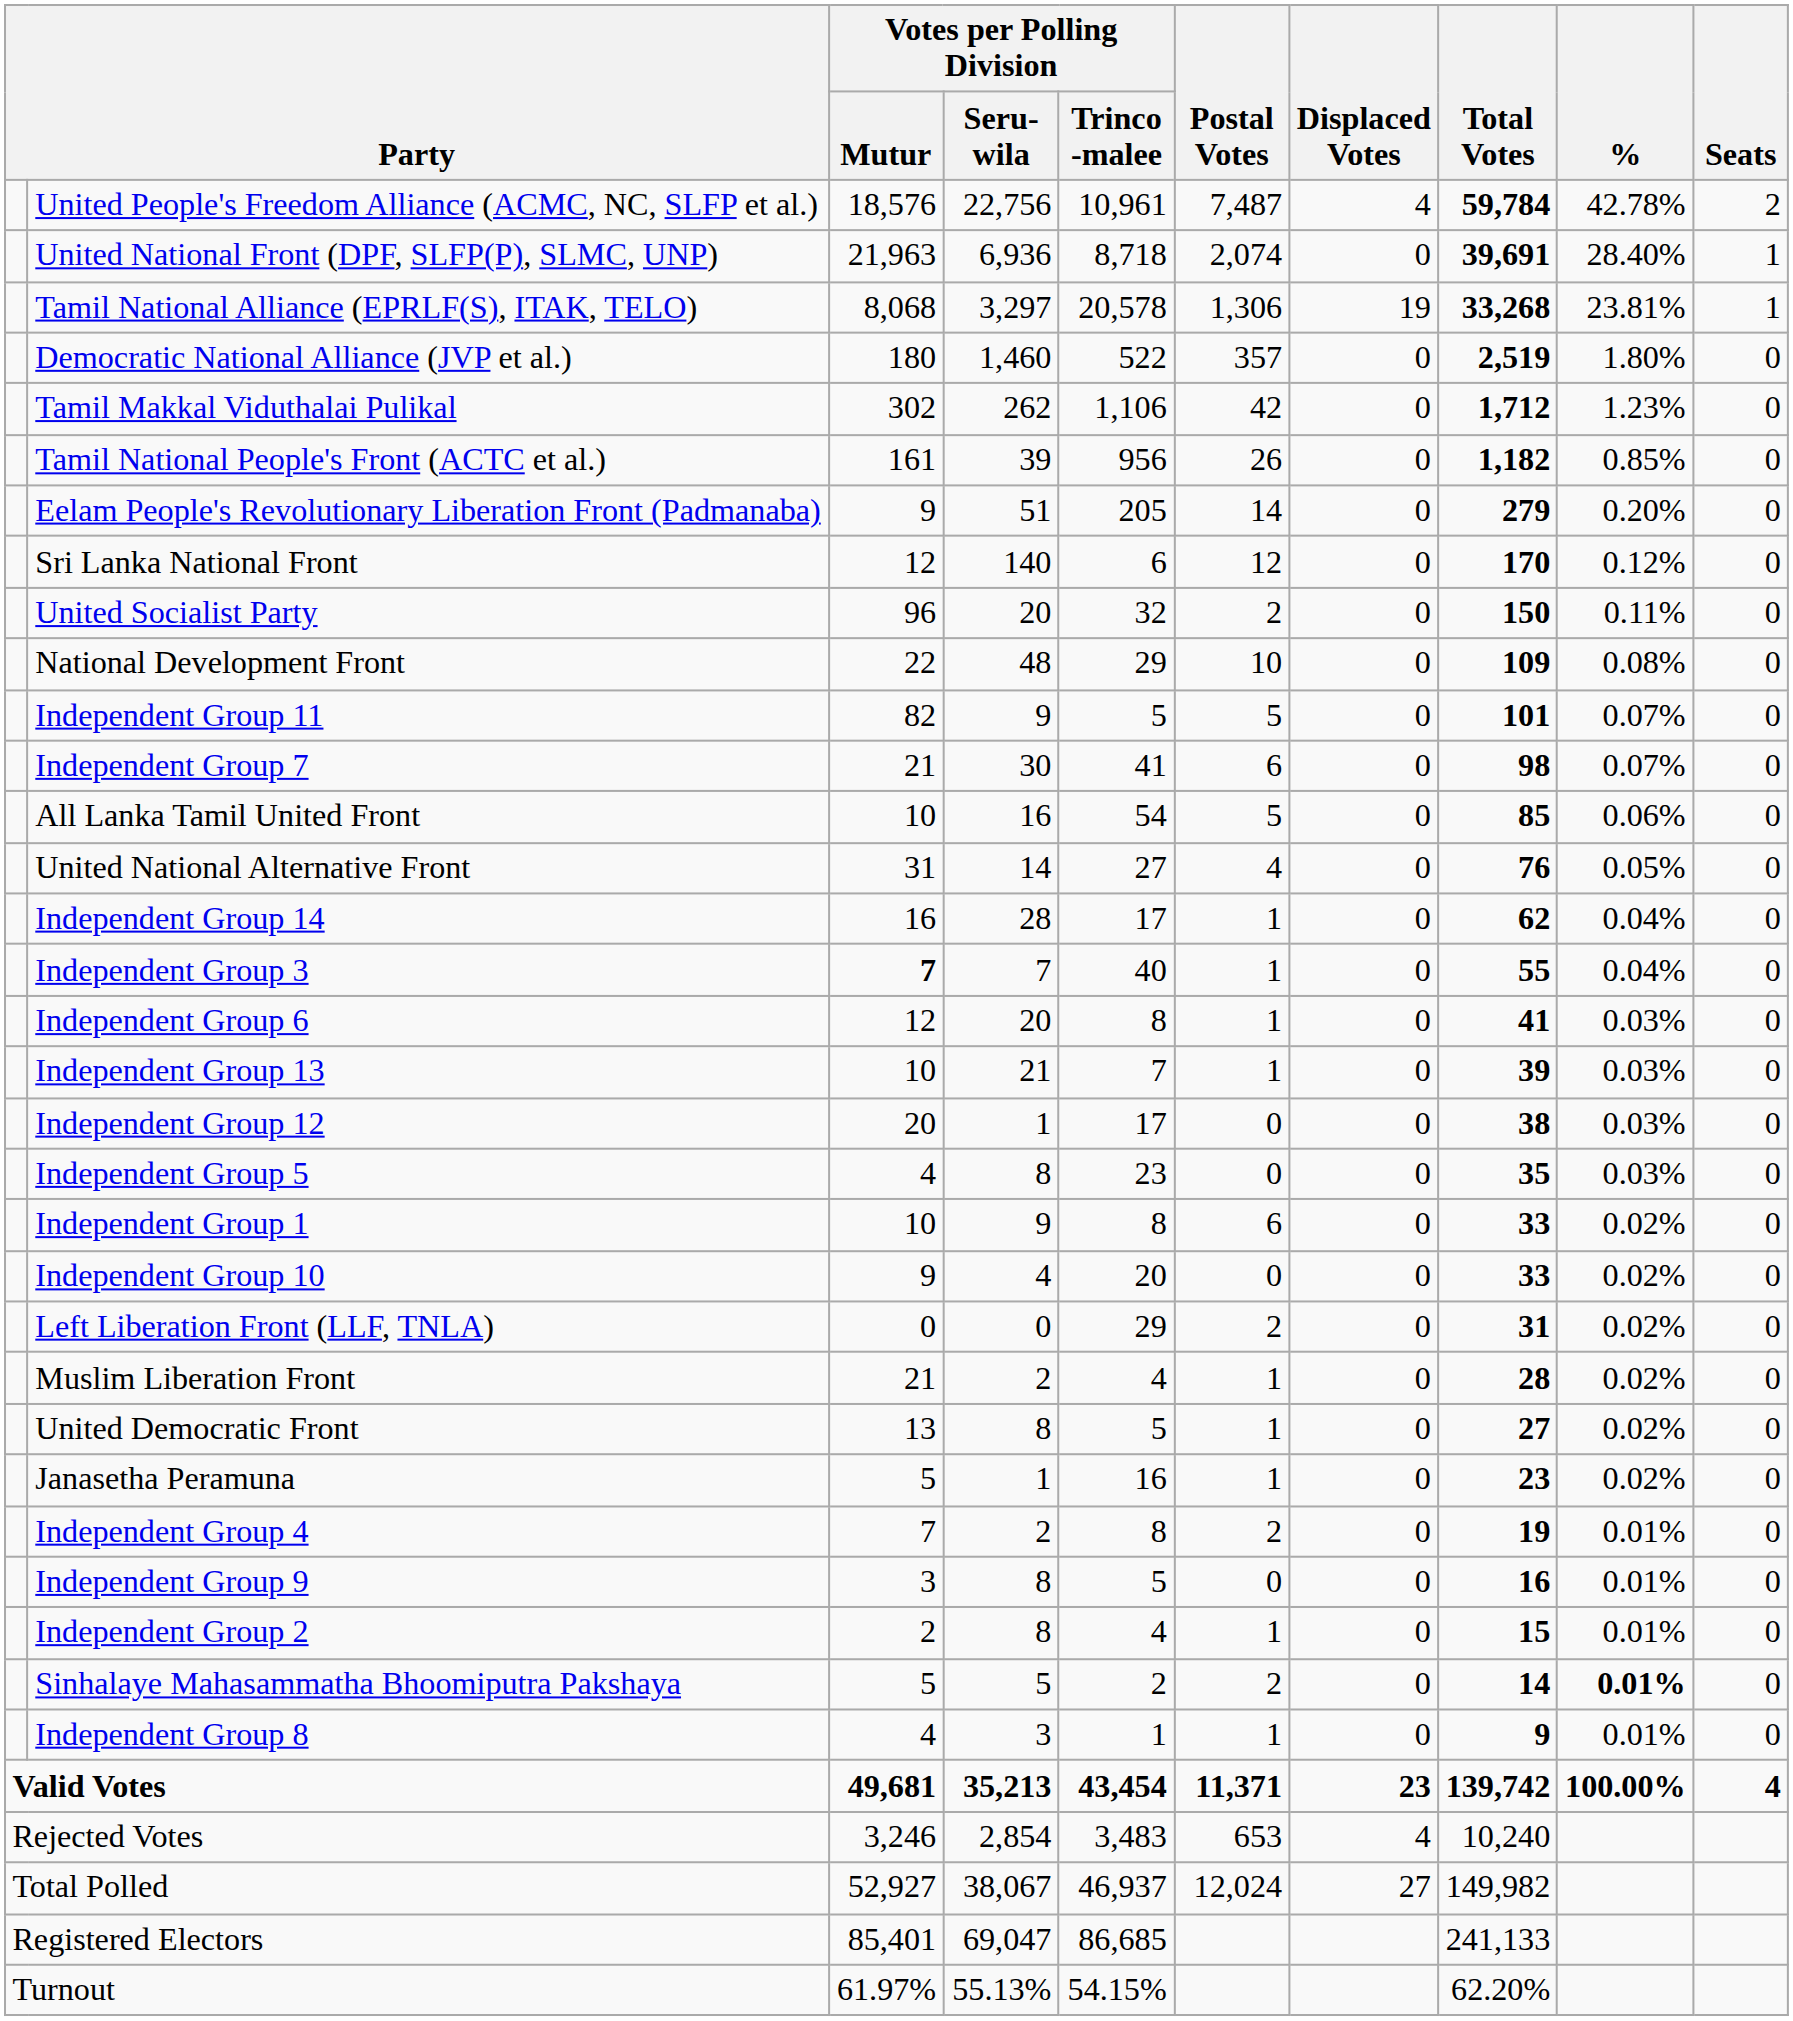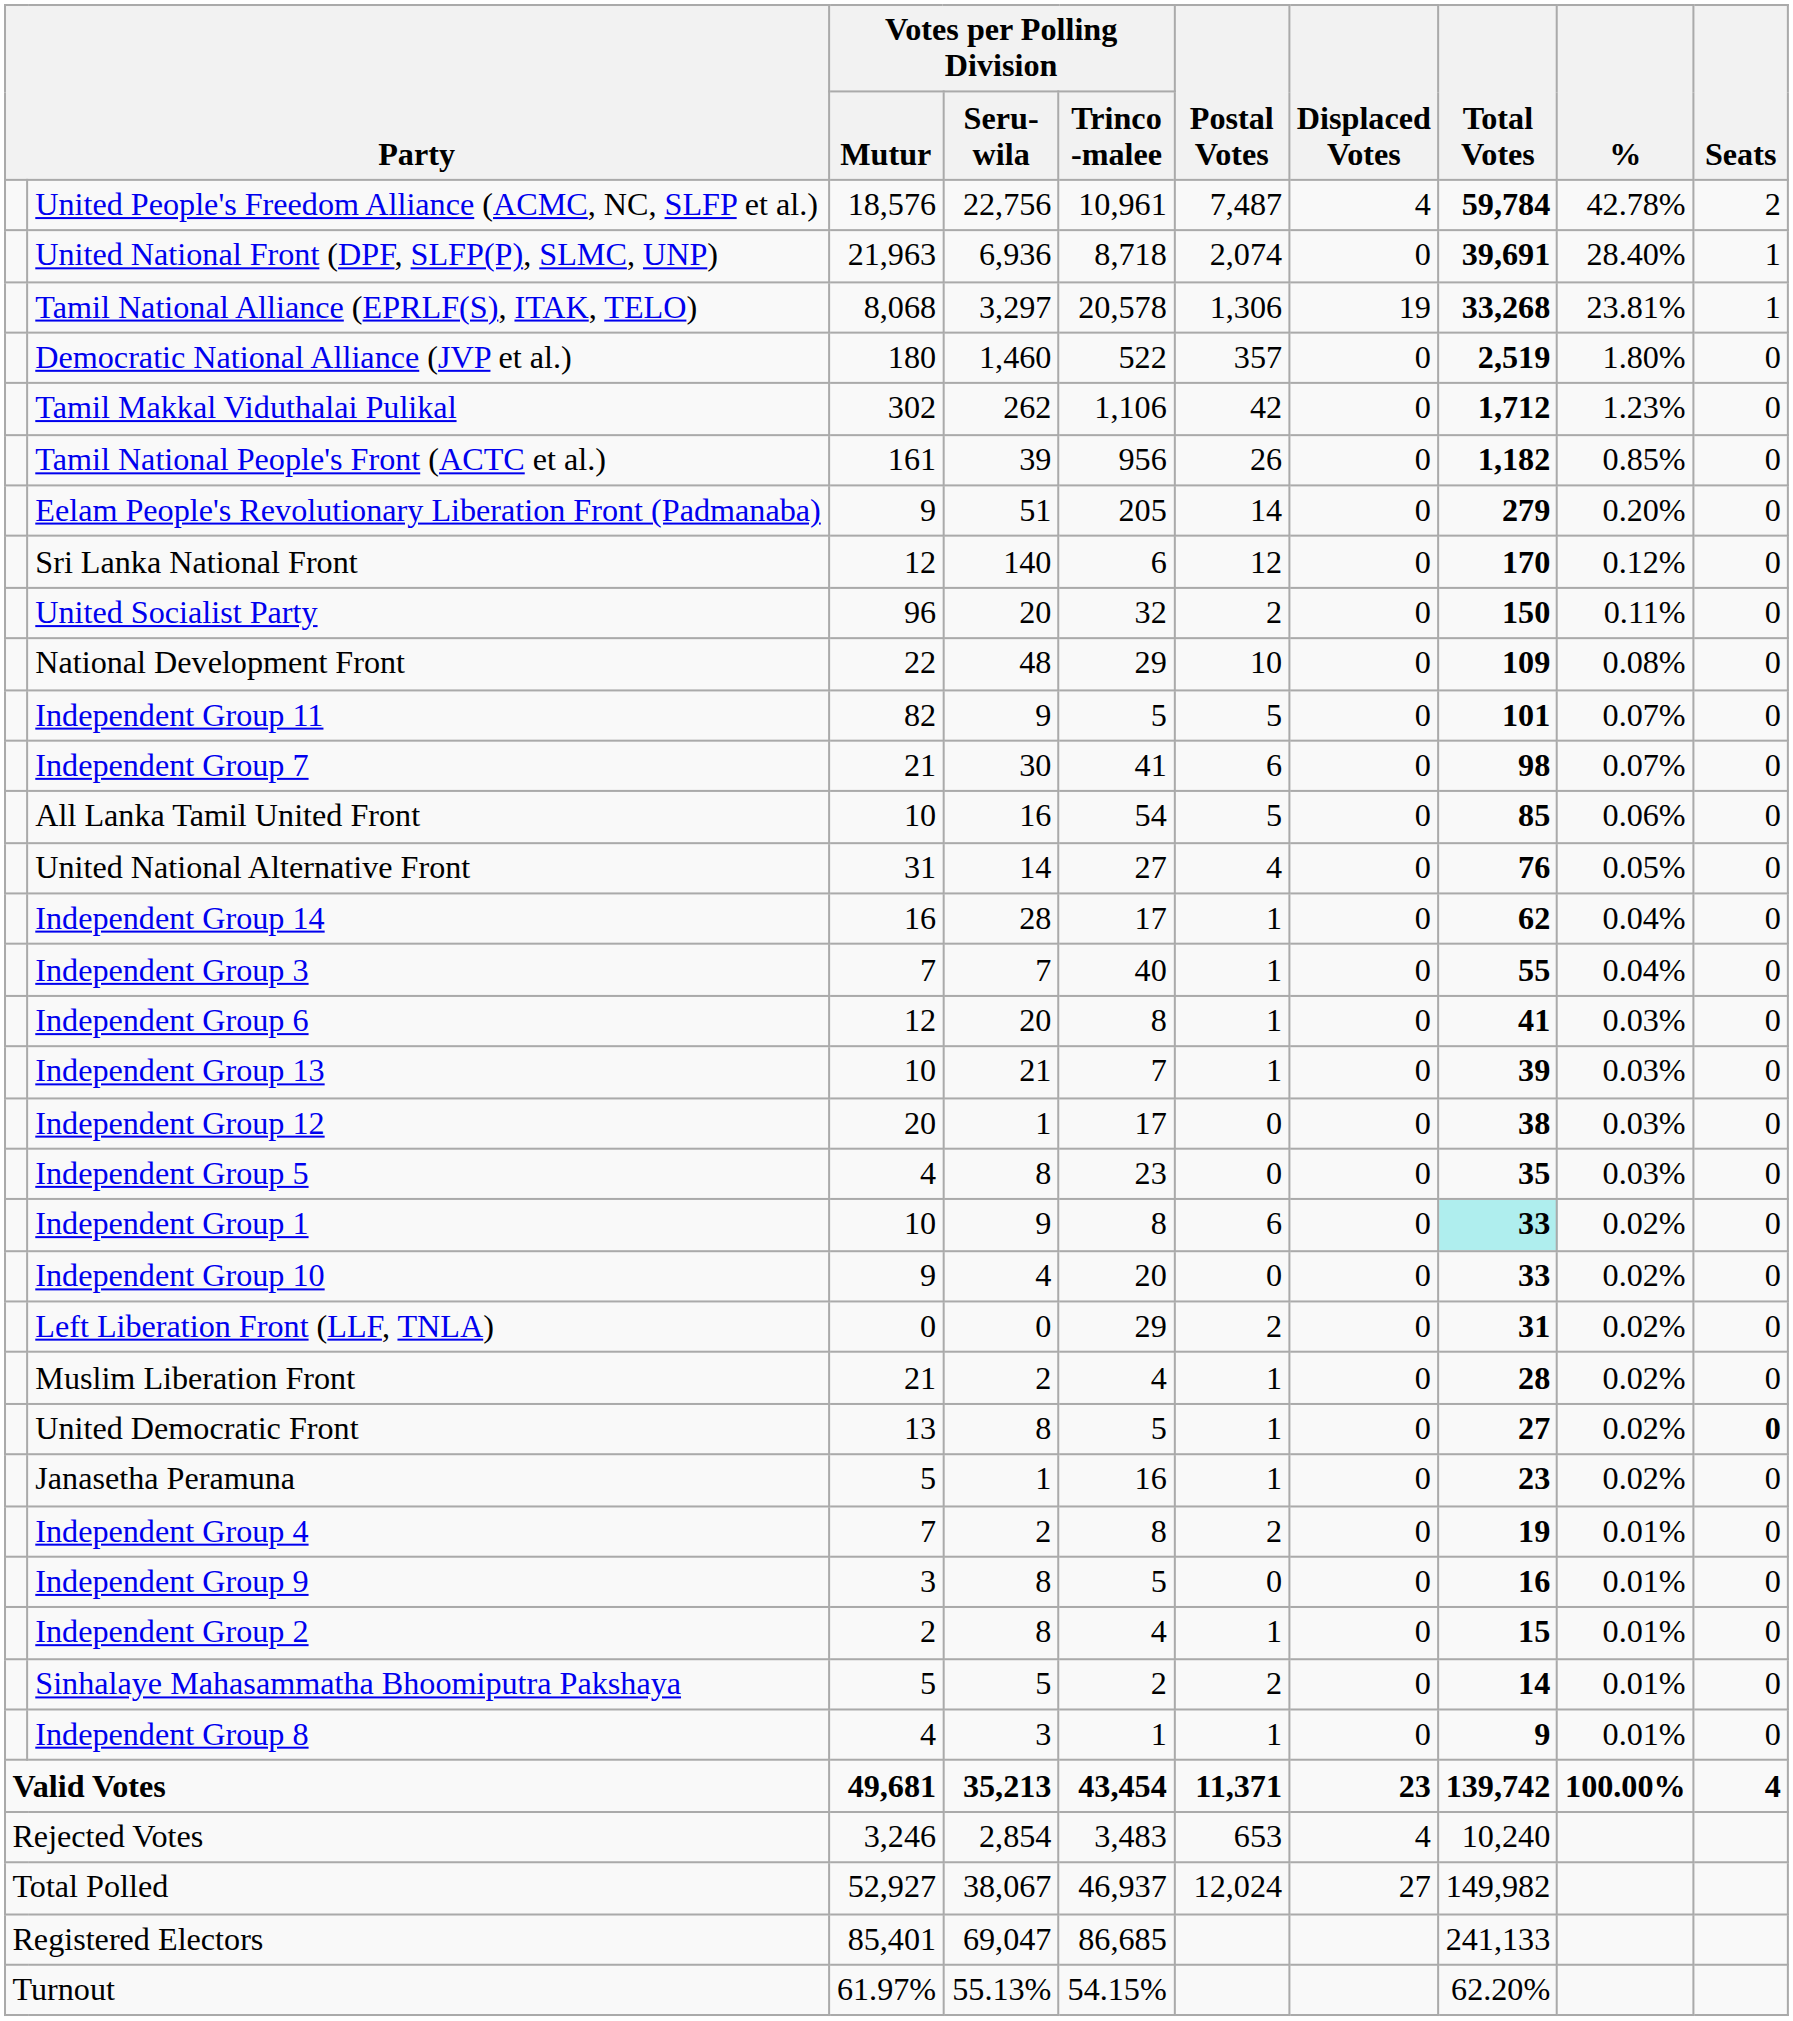 <table class="wikitable" border="1" style="text-align:right;">
 <tr>
 <th align=left valign=bottom rowspan=2 colspan=2>Party</th>
 <th colspan=3>Votes per Polling Division</th>
 <th align=center valign=bottom rowspan=2 width="50">Postal<br>Votes</th>
 <th align=center valign=bottom rowspan=2 width="50">Displaced<br>Votes</th>
 <th align=center valign=bottom rowspan=2 width="50">Total Votes</th>
 <th align=center valign=bottom rowspan=2 width="50">%</th>
 <th align=center valign=bottom rowspan=2 width="40">Seats</th>
 </tr>
 <tr>
 <th align=center valign=bottom width="50">Mutur</th>
 <th align=center valign=bottom width="50">Seru-<br>wila</th>
 <th align=center valign=bottom width="50">Trinco<br>-malee</th>
 </tr>
 <tr>
 <td bgcolor=> </td>
 <td align=left><a href='#'>United People's Freedom Alliance</a> (<a href='#'>ACMC</a>, NC, <a href='#'>SLFP</a> et al.)</td>
 <td>18,576</td>
 <td>22,756</td>
 <td>10,961</td>
 <td>7,487</td>
 <td>4</td>
 <td><strong>59,784</strong></td>
 <td>42.78%</td>
 <td>2</td>
 </tr>
 <tr>
 <td bgcolor=> </td>
 <td align=left><a href='#'>United National Front</a> (<a href='#'>DPF</a>, <a href='#'>SLFP(P)</a>, <a href='#'>SLMC</a>, <a href='#'>UNP</a>)</td>
 <td>21,963</td>
 <td>6,936</td>
 <td>8,718</td>
 <td>2,074</td>
 <td>0</td>
 <td><strong>39,691</strong></td>
 <td>28.40%</td>
 <td>1</td>
 </tr>
 <tr>
 <td bgcolor=> </td>
 <td align=left><a href='#'>Tamil National Alliance</a> (<a href='#'>EPRLF(S)</a>, <a href='#'>ITAK</a>, <a href='#'>TELO</a>)</td>
 <td>8,068</td>
 <td>3,297</td>
 <td>20,578</td>
 <td>1,306</td>
 <td>19</td>
 <td><strong>33,268</strong></td>
 <td>23.81%</td>
 <td>1</td>
 </tr>
 <tr>
 <td bgcolor=> </td>
 <td align=left><a href='#'>Democratic National Alliance</a> (<a href='#'>JVP</a> et al.)</td>
 <td>180</td>
 <td>1,460</td>
 <td>522</td>
 <td>357</td>
 <td>0</td>
 <td><strong>2,519</strong></td>
 <td>1.80%</td>
 <td>0</td>
 </tr>
 <tr>
 <td></td>
 <td align=left><a href='#'>Tamil Makkal Viduthalai Pulikal</a></td>
 <td>302</td>
 <td>262</td>
 <td>1,106</td>
 <td>42</td>
 <td>0</td>
 <td><strong>1,712</strong></td>
 <td>1.23%</td>
 <td>0</td>
 </tr>
 <tr>
 <td></td>
 <td align=left><a href='#'>Tamil National People's Front</a> (<a href='#'>ACTC</a> et al.)</td>
 <td>161</td>
 <td>39</td>
 <td>956</td>
 <td>26</td>
 <td>0</td>
 <td><strong>1,182</strong></td>
 <td>0.85%</td>
 <td>0</td>
 </tr>
 <tr>
 <td bgcolor=> </td>
 <td align=left><a href='#'>Eelam People's Revolutionary Liberation Front (Padmanaba)</a></td>
 <td>9</td>
 <td>51</td>
 <td>205</td>
 <td>14</td>
 <td>0</td>
 <td><strong>279</strong></td>
 <td>0.20%</td>
 <td>0</td>
 </tr>
 <tr>
 <td></td>
 <td align=left>Sri Lanka National Front</td>
 <td>12</td>
 <td>140</td>
 <td>6</td>
 <td>12</td>
 <td>0</td>
 <td><strong>170</strong></td>
 <td>0.12%</td>
 <td>0</td>
 </tr>
 <tr>
 <td></td>
 <td align=left><a href='#'>United Socialist Party</a></td>
 <td>96</td>
 <td>20</td>
 <td>32</td>
 <td>2</td>
 <td>0</td>
 <td><strong>150</strong></td>
 <td>0.11%</td>
 <td>0</td>
 </tr>
 <tr>
 <td></td>
 <td align=left>National Development Front</td>
 <td>22</td>
 <td>48</td>
 <td>29</td>
 <td>10</td>
 <td>0</td>
 <td><strong>109</strong></td>
 <td>0.08%</td>
 <td>0</td>
 </tr>
 <tr>
 <td bgcolor=> </td>
 <td align=left><a href='#'>Independent Group 11</a></td>
 <td>82</td>
 <td>9</td>
 <td>5</td>
 <td>5</td>
 <td>0</td>
 <td><strong>101</strong></td>
 <td>0.07%</td>
 <td>0</td>
 </tr>
 <tr>
 <td bgcolor=> </td>
 <td align=left><a href='#'>Independent Group 7</a></td>
 <td>21</td>
 <td>30</td>
 <td>41</td>
 <td>6</td>
 <td>0</td>
 <td><strong>98</strong></td>
 <td>0.07%</td>
 <td>0</td>
 </tr>
 <tr>
 <td></td>
 <td align=left>All Lanka Tamil United Front</td>
 <td>10</td>
 <td>16</td>
 <td>54</td>
 <td>5</td>
 <td>0</td>
 <td><strong>85</strong></td>
 <td>0.06%</td>
 <td>0</td>
 </tr>
 <tr>
 <td></td>
 <td align=left>United National Alternative Front</td>
 <td>31</td>
 <td>14</td>
 <td>27</td>
 <td>4</td>
 <td>0</td>
 <td><strong>76</strong></td>
 <td>0.05%</td>
 <td>0</td>
 </tr>
 <tr>
 <td bgcolor=> </td>
 <td align=left><a href='#'>Independent Group 14</a></td>
 <td>16</td>
 <td>28</td>
 <td>17</td>
 <td>1</td>
 <td>0</td>
 <td><strong>62</strong></td>
 <td>0.04%</td>
 <td>0</td>
 </tr>
 <tr>
 <td bgcolor=> </td>
 <td align=left><a href='#'>Independent Group 3</a></td>
-<td><strong>7</strong></td>
+<td>7</td>
 <td>7</td>
 <td>40</td>
 <td>1</td>
 <td>0</td>
 <td><strong>55</strong></td>
 <td>0.04%</td>
 <td>0</td>
 </tr>
 <tr>
 <td bgcolor=> </td>
 <td align=left><a href='#'>Independent Group 6</a></td>
 <td>12</td>
 <td>20</td>
 <td>8</td>
 <td>1</td>
 <td>0</td>
 <td><strong>41</strong></td>
 <td>0.03%</td>
 <td>0</td>
 </tr>
 <tr>
 <td bgcolor=> </td>
 <td align=left><a href='#'>Independent Group 13</a></td>
 <td>10</td>
 <td>21</td>
 <td>7</td>
 <td>1</td>
 <td>0</td>
 <td><strong>39</strong></td>
 <td>0.03%</td>
 <td>0</td>
 </tr>
 <tr>
 <td bgcolor=> </td>
 <td align=left><a href='#'>Independent Group 12</a></td>
 <td>20</td>
 <td>1</td>
 <td>17</td>
 <td>0</td>
 <td>0</td>
 <td><strong>38</strong></td>
 <td>0.03%</td>
 <td>0</td>
 </tr>
 <tr>
 <td bgcolor=> </td>
 <td align=left><a href='#'>Independent Group 5</a></td>
 <td>4</td>
 <td>8</td>
 <td>23</td>
 <td>0</td>
 <td>0</td>
 <td><strong>35</strong></td>
 <td>0.03%</td>
 <td>0</td>
 </tr>
 <tr>
 <td bgcolor=> </td>
 <td align=left><a href='#'>Independent Group 1</a></td>
 <td>10</td>
 <td>9</td>
 <td>8</td>
 <td>6</td>
 <td>0</td>
-<td><strong>33</strong></td>
+<td style="background: paleturquoise;"><strong>33</strong></td>
 <td>0.02%</td>
 <td>0</td>
 </tr>
 <tr>
 <td bgcolor=> </td>
 <td align=left><a href='#'>Independent Group 10</a></td>
 <td>9</td>
 <td>4</td>
 <td>20</td>
 <td>0</td>
 <td>0</td>
 <td><strong>33</strong></td>
 <td>0.02%</td>
 <td>0</td>
 </tr>
 <tr>
 <td bgcolor=> </td>
 <td align=left><a href='#'>Left Liberation Front</a> (<a href='#'>LLF</a>, <a href='#'>TNLA</a>)</td>
 <td>0</td>
 <td>0</td>
 <td>29</td>
 <td>2</td>
 <td>0</td>
 <td><strong>31</strong></td>
 <td>0.02%</td>
 <td>0</td>
 </tr>
 <tr>
 <td></td>
 <td align=left>Muslim Liberation Front</td>
 <td>21</td>
 <td>2</td>
 <td>4</td>
 <td>1</td>
 <td>0</td>
 <td><strong>28</strong></td>
 <td>0.02%</td>
 <td>0</td>
 </tr>
 <tr>
 <td></td>
 <td align=left>United Democratic Front</td>
 <td>13</td>
 <td>8</td>
 <td>5</td>
 <td>1</td>
 <td>0</td>
 <td><strong>27</strong></td>
 <td>0.02%</td>
-<td>0</td>
+<td><strong>0</strong></td>
 </tr>
 <tr>
 <td></td>
 <td align=left>Janasetha Peramuna</td>
 <td>5</td>
 <td>1</td>
 <td>16</td>
 <td>1</td>
 <td>0</td>
 <td><strong>23</strong></td>
 <td>0.02%</td>
 <td>0</td>
 </tr>
 <tr>
 <td bgcolor=> </td>
 <td align=left><a href='#'>Independent Group 4</a></td>
 <td>7</td>
 <td>2</td>
 <td>8</td>
 <td>2</td>
 <td>0</td>
 <td><strong>19</strong></td>
 <td>0.01%</td>
 <td>0</td>
 </tr>
 <tr>
 <td bgcolor=> </td>
 <td align=left><a href='#'>Independent Group 9</a></td>
 <td>3</td>
 <td>8</td>
 <td>5</td>
 <td>0</td>
 <td>0</td>
 <td><strong>16</strong></td>
 <td>0.01%</td>
 <td>0</td>
 </tr>
 <tr>
 <td bgcolor=> </td>
 <td align=left><a href='#'>Independent Group 2</a></td>
 <td>2</td>
 <td>8</td>
 <td>4</td>
 <td>1</td>
 <td>0</td>
 <td><strong>15</strong></td>
 <td>0.01%</td>
 <td>0</td>
 </tr>
 <tr>
 <td bgcolor=> </td>
 <td align=left><a href='#'>Sinhalaye Mahasammatha Bhoomiputra Pakshaya</a></td>
 <td>5</td>
 <td>5</td>
 <td>2</td>
 <td>2</td>
 <td>0</td>
 <td><strong>14</strong></td>
-<td><strong>0.01%</strong></td>
+<td>0.01%</td>
 <td>0</td>
 </tr>
 <tr>
 <td bgcolor=> </td>
 <td align=left><a href='#'>Independent Group 8</a></td>
 <td>4</td>
 <td>3</td>
 <td>1</td>
 <td>1</td>
 <td>0</td>
 <td><strong>9</strong></td>
 <td>0.01%</td>
 <td>0</td>
 </tr>
 <tr>
 <td align=left colspan=2><strong>Valid Votes</strong></td>
 <td><strong>49,681</strong></td>
 <td><strong>35,213</strong></td>
 <td><strong>43,454</strong></td>
 <td><strong>11,371</strong></td>
 <td><strong>23</strong></td>
 <td><strong>139,742</strong></td>
 <td><strong>100.00%</strong></td>
 <td><strong>4</strong></td>
 </tr>
 <tr>
 <td align=left colspan=2>Rejected Votes</td>
 <td>3,246</td>
 <td>2,854</td>
 <td>3,483</td>
 <td>653</td>
 <td>4</td>
 <td>10,240</td>
 <td></td>
 <td></td>
 </tr>
 <tr>
 <td align=left colspan=2>Total Polled</td>
 <td>52,927</td>
 <td>38,067</td>
 <td>46,937</td>
 <td>12,024</td>
 <td>27</td>
 <td>149,982</td>
 <td></td>
 <td></td>
 </tr>
 <tr>
 <td align=left colspan=2>Registered Electors</td>
 <td>85,401</td>
 <td>69,047</td>
 <td>86,685</td>
 <td></td>
 <td></td>
 <td>241,133</td>
 <td></td>
 <td></td>
 </tr>
 <tr>
 <td align=left colspan=2>Turnout</td>
 <td>61.97%</td>
 <td>55.13%</td>
 <td>54.15%</td>
 <td></td>
 <td></td>
 <td>62.20%</td>
 <td></td>
 <td></td>
 </tr>
 </table>
